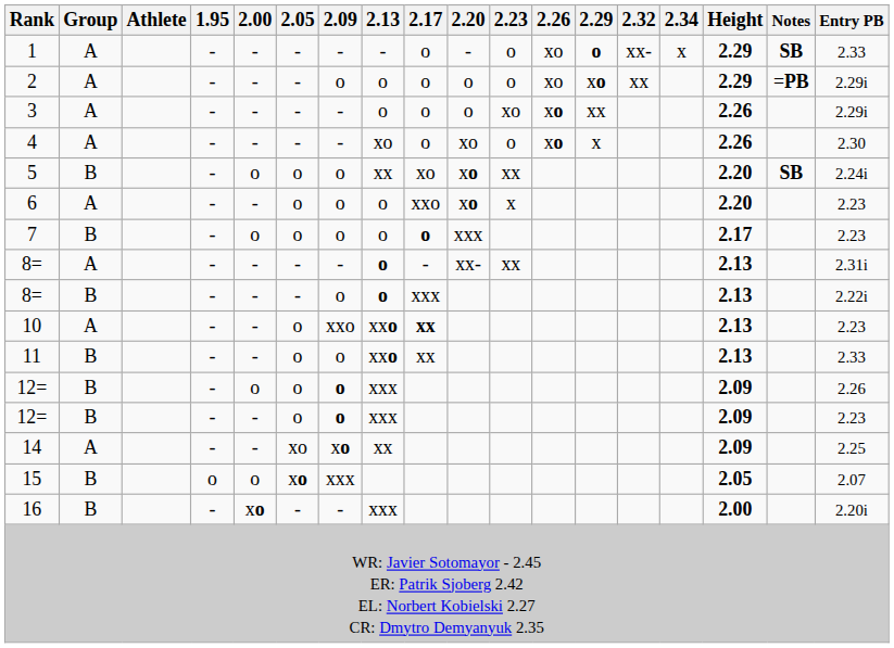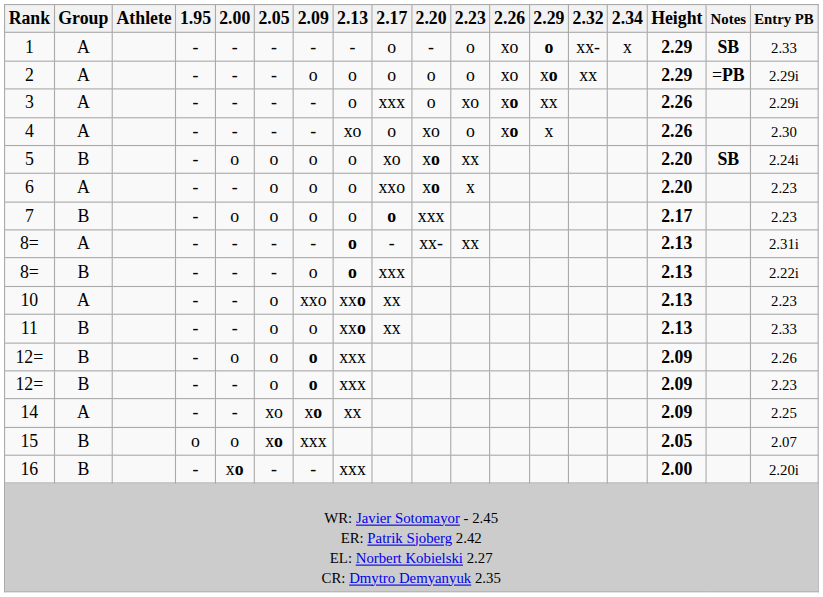 <table class="wikitable sortable" style="text-align:center;">
 <tr>
 <th>Rank</th>
 <th>Group</th>
 <th>Athlete</th>
 <th>1.95</th>
 <th>2.00</th>
 <th>2.05</th>
 <th>2.09</th>
 <th>2.13</th>
 <th>2.17</th>
 <th>2.20</th>
 <th>2.23</th>
 <th>2.26</th>
 <th>2.29</th>
 <th>2.32</th>
 <th>2.34</th>
 <th>Height</th>
 <th><small>Notes</small></th>
 <th><small>Entry PB</small></th>
 </tr>
 <tr>
 <td>1</td>
 <td>A</td>
 <td align=left></td>
 <td>-</td>
 <td>-</td>
 <td>-</td>
 <td>-</td>
 <td>-</td>
 <td>o</td>
 <td>-</td>
 <td>o</td>
 <td>xo</td>
 <td><strong>o</strong></td>
 <td>xx-</td>
 <td>x</td>
 <td><strong>2.29</strong></td>
 <td><strong>SB</strong></td>
 <td><small>2.33</small></td>
 </tr>
 <tr>
 <td>2</td>
 <td>A</td>
 <td align=left></td>
 <td>-</td>
 <td>-</td>
 <td>-</td>
 <td>o</td>
 <td>o</td>
 <td>o</td>
 <td>o</td>
 <td>o</td>
 <td>xo</td>
 <td>x<strong>o</strong></td>
 <td>xx</td>
 <td></td>
 <td><strong>2.29</strong></td>
 <td>=<strong>PB</strong></td>
 <td><small>2.29i</small></td>
 </tr>
 <tr>
 <td>3</td>
 <td>A</td>
 <td align=left></td>
 <td>-</td>
 <td>-</td>
 <td>-</td>
 <td>-</td>
 <td>o</td>
-<td>o</td>
+<td>xxx</td>
 <td>o</td>
 <td>xo</td>
 <td>x<strong>o</strong></td>
 <td>xx</td>
 <td></td>
 <td></td>
 <td><strong>2.26</strong></td>
 <td></td>
 <td><small>2.29i</small></td>
 </tr>
 <tr>
 <td>4</td>
 <td>A</td>
 <td align=left></td>
 <td>-</td>
 <td>-</td>
 <td>-</td>
 <td>-</td>
 <td>xo</td>
 <td>o</td>
 <td>xo</td>
 <td>o</td>
 <td>x<strong>o</strong></td>
 <td>x</td>
 <td></td>
 <td></td>
 <td><strong>2.26</strong></td>
 <td></td>
 <td><small>2.30</small></td>
 </tr>
 <tr>
 <td>5</td>
 <td>B</td>
 <td align=left></td>
 <td>-</td>
 <td>o</td>
 <td>o</td>
 <td>o</td>
-<td>xx</td>
+<td>o</td>
 <td>xo</td>
 <td>x<strong>o</strong></td>
 <td>xx</td>
 <td></td>
 <td></td>
 <td></td>
 <td></td>
 <td><strong>2.20</strong></td>
 <td><strong>SB</strong></td>
 <td><small>2.24i</small></td>
 </tr>
 <tr>
 <td>6</td>
 <td>A</td>
 <td align=left></td>
 <td>-</td>
 <td>-</td>
 <td>o</td>
 <td>o</td>
 <td>o</td>
 <td>xxo</td>
 <td>x<strong>o</strong></td>
 <td>x</td>
 <td></td>
 <td></td>
 <td></td>
 <td></td>
 <td><strong>2.20</strong></td>
 <td></td>
 <td><small>2.23</small></td>
 </tr>
 <tr>
 <td>7</td>
 <td>B</td>
 <td align=left></td>
 <td>-</td>
 <td>o</td>
 <td>o</td>
 <td>o</td>
 <td>o</td>
 <td><strong>o</strong></td>
 <td>xxx</td>
 <td></td>
 <td></td>
 <td></td>
 <td></td>
 <td></td>
 <td><strong>2.17</strong></td>
 <td></td>
 <td><small>2.23</small></td>
 </tr>
 <tr>
 <td>8=</td>
 <td>A</td>
 <td align=left></td>
 <td>-</td>
 <td>-</td>
 <td>-</td>
 <td>-</td>
 <td><strong>o</strong></td>
 <td>-</td>
 <td>xx-</td>
 <td>xx</td>
 <td></td>
 <td></td>
 <td></td>
 <td></td>
 <td><strong>2.13</strong></td>
 <td></td>
 <td><small>2.31i</small></td>
 </tr>
 <tr>
 <td>8=</td>
 <td>B</td>
 <td align=left></td>
 <td>-</td>
 <td>-</td>
 <td>-</td>
 <td>o</td>
 <td><strong>o</strong></td>
 <td>xxx</td>
 <td></td>
 <td></td>
 <td></td>
 <td></td>
 <td></td>
 <td></td>
 <td><strong>2.13</strong></td>
 <td></td>
 <td><small>2.22i</small></td>
 </tr>
 <tr>
 <td>10</td>
 <td>A</td>
 <td align=left></td>
 <td>-</td>
 <td>-</td>
 <td>o</td>
 <td>xxo</td>
 <td>xx<strong>o</strong></td>
-<td><strong>xx</strong></td>
+<td>xx</td>
 <td></td>
 <td></td>
 <td></td>
 <td></td>
 <td></td>
 <td></td>
 <td><strong>2.13</strong></td>
 <td></td>
 <td><small>2.23</small></td>
 </tr>
 <tr>
 <td>11</td>
 <td>B</td>
 <td align=left></td>
 <td>-</td>
 <td>-</td>
 <td>o</td>
 <td>o</td>
 <td>xx<strong>o</strong></td>
 <td>xx</td>
 <td></td>
 <td></td>
 <td></td>
 <td></td>
 <td></td>
 <td></td>
 <td><strong>2.13</strong></td>
 <td></td>
 <td><small>2.33</small></td>
 </tr>
 <tr>
 <td>12=</td>
 <td>B</td>
 <td align=left></td>
 <td>-</td>
 <td>o</td>
 <td>o</td>
 <td><strong>o</strong></td>
 <td>xxx</td>
 <td></td>
 <td></td>
 <td></td>
 <td></td>
 <td></td>
 <td></td>
 <td></td>
 <td><strong>2.09</strong></td>
 <td></td>
 <td><small>2.26</small></td>
 </tr>
 <tr>
 <td>12=</td>
 <td>B</td>
 <td align=left></td>
 <td>-</td>
 <td>-</td>
 <td>o</td>
 <td><strong>o</strong></td>
 <td>xxx</td>
 <td></td>
 <td></td>
 <td></td>
 <td></td>
 <td></td>
 <td></td>
 <td></td>
 <td><strong>2.09</strong></td>
 <td></td>
 <td><small>2.23</small></td>
 </tr>
 <tr>
 <td>14</td>
 <td>A</td>
 <td align=left></td>
 <td>-</td>
 <td>-</td>
 <td>xo</td>
 <td>x<strong>o</strong></td>
 <td>xx</td>
 <td></td>
 <td></td>
 <td></td>
 <td></td>
 <td></td>
 <td></td>
 <td></td>
 <td><strong>2.09</strong></td>
 <td></td>
 <td><small>2.25</small></td>
 </tr>
 <tr>
 <td>15</td>
 <td>B</td>
 <td align=left></td>
 <td>o</td>
 <td>o</td>
 <td>x<strong>o</strong></td>
 <td>xxx</td>
 <td></td>
 <td></td>
 <td></td>
 <td></td>
 <td></td>
 <td></td>
 <td></td>
 <td></td>
 <td><strong>2.05</strong></td>
 <td></td>
 <td><small>2.07</small></td>
 </tr>
 <tr>
 <td>16</td>
 <td>B</td>
 <td align=left></td>
 <td>-</td>
 <td>x<strong>o</strong></td>
 <td>-</td>
 <td>-</td>
 <td>xxx</td>
 <td></td>
 <td></td>
 <td></td>
 <td></td>
 <td></td>
 <td></td>
 <td></td>
 <td><strong>2.00</strong></td>
 <td></td>
 <td><small>2.20i</small></td>
 </tr>
 <tr class="sortbottom">
 <td colspan="18" bgcolor="#cccccc"><br> <small>WR:   <a href='#'>Javier Sotomayor</a> - 2.45<br>ER:  <a href='#'>Patrik Sjoberg</a> 2.42<br></small> <small>EL:   <a href='#'>Norbert Kobielski</a> 2.27<br>CR:  <a href='#'>Dmytro Demyanyuk</a> 2.35</small></td>
 </tr>
 </table>
